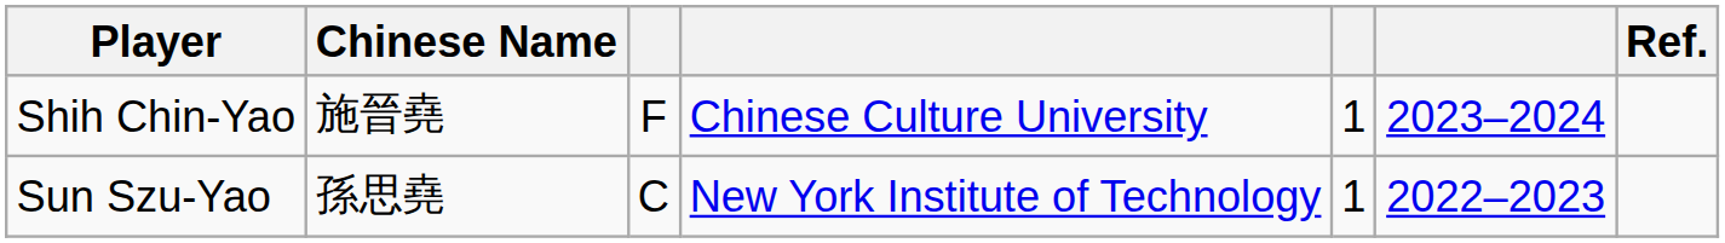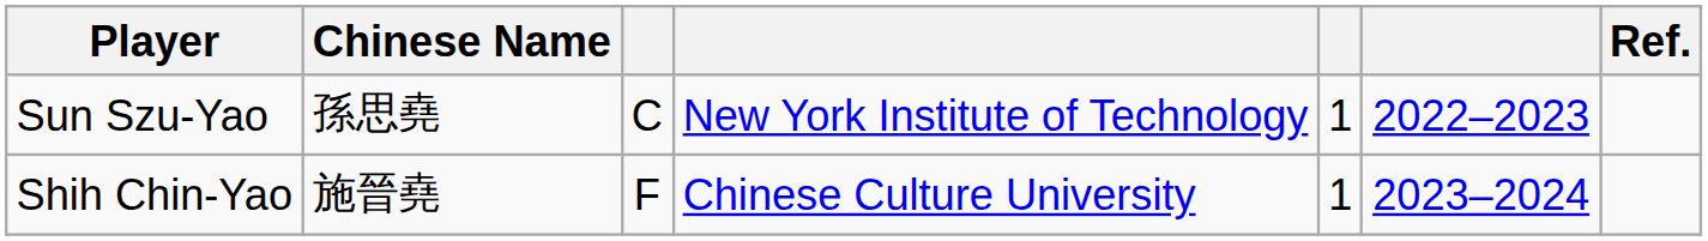 <table class="wikitable sortable" style="font-size:95%; text-align:left;">
 <tr>
 <th>Player</th>
 <th>Chinese Name</th>
 <th></th>
 <th></th>
 <th></th>
 <th></th>
 <th>Ref.</th>
 </tr>
 <tr>
+<td>Sun Szu-Yao</td>
+<td>孫思堯</td>
+<td align="center">C</td>
+<td><a href='#'>New York Institute of Technology</a></td>
+<td align="center">1</td>
+<td align="center"><a href='#'>2022–2023</a></td>
+<td></td>
+</tr>
+<tr>
 <td>Shih Chin-Yao</td>
 <td>施晉堯</td>
 <td align="center">F</td>
 <td><a href='#'>Chinese Culture University</a></td>
 <td align="center">1</td>
 <td align="center"><a href='#'>2023–2024</a></td>
 <td></td>
 </tr>
-<tr>
-<td>Sun Szu-Yao</td>
-<td>孫思堯</td>
-<td align="center">C</td>
-<td><a href='#'>New York Institute of Technology</a></td>
-<td align="center">1</td>
-<td align="center"><a href='#'>2022–2023</a></td>
-<td></td>
-</tr>
 </table>
